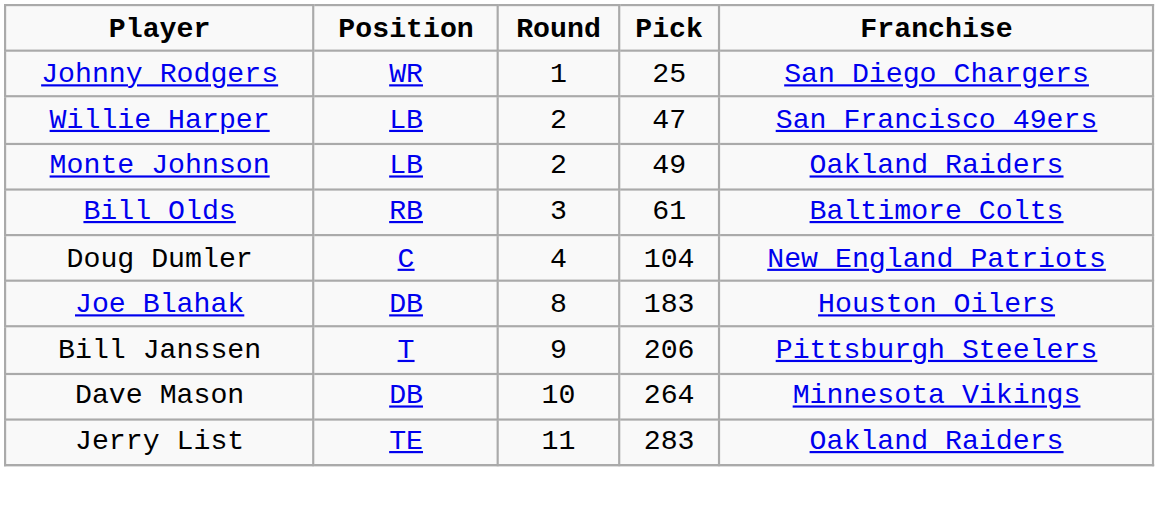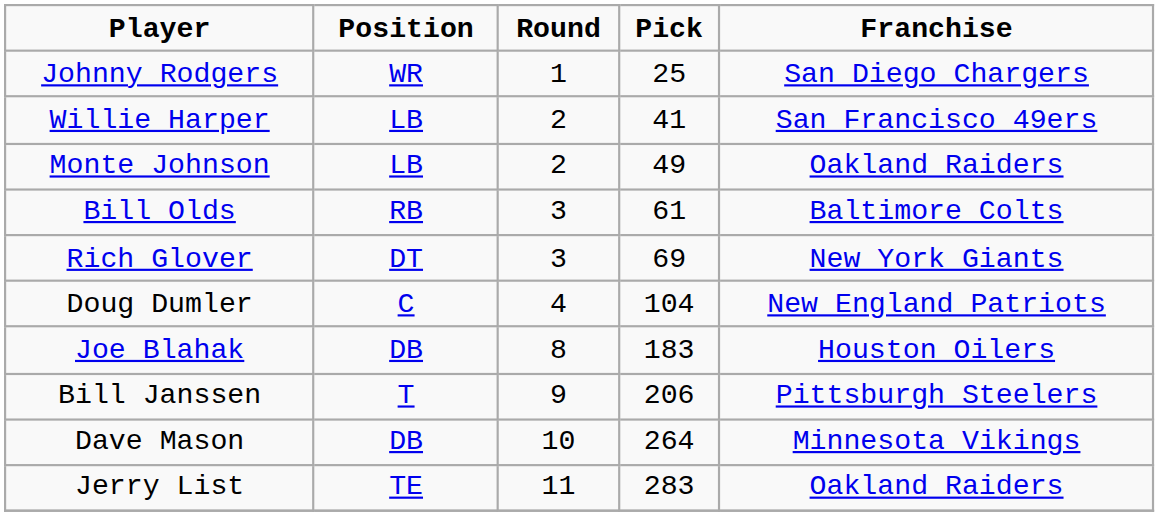 <table class="wikitable" width="60%">
 <tr align="center">
 <td><strong>Player</strong></td>
 <td><strong>Position</strong></td>
 <td><strong>Round</strong></td>
 <td><strong>Pick</strong></td>
 <td><strong>Franchise</strong></td>
 </tr>
 <tr align="center" bgcolor="">
 <td><a href='#'>Johnny Rodgers</a></td>
 <td><a href='#'>WR</a></td>
 <td>1</td>
 <td>25</td>
 <td><a href='#'>San Diego Chargers</a></td>
 </tr>
 <tr align="center" bgcolor="">
 <td><a href='#'>Willie Harper</a></td>
 <td><a href='#'>LB</a></td>
 <td>2</td>
-<td>47</td>
+<td>41</td>
 <td><a href='#'>San Francisco 49ers</a></td>
 </tr>
 <tr align="center" bgcolor="">
 <td><a href='#'>Monte Johnson</a></td>
 <td><a href='#'>LB</a></td>
 <td>2</td>
 <td>49</td>
 <td><a href='#'>Oakland Raiders</a></td>
 </tr>
 <tr align="center" bgcolor="">
 <td><a href='#'>Bill Olds</a></td>
 <td><a href='#'>RB</a></td>
 <td>3</td>
 <td>61</td>
 <td><a href='#'>Baltimore Colts</a></td>
+</tr>
+<tr align="center" bgcolor="">
+<td><a href='#'>Rich Glover</a></td>
+<td><a href='#'>DT</a></td>
+<td>3</td>
+<td>69</td>
+<td><a href='#'>New York Giants</a></td>
 </tr>
 <tr align="center" bgcolor="">
 <td>Doug Dumler</td>
 <td><a href='#'>C</a></td>
 <td>4</td>
 <td>104</td>
 <td><a href='#'>New England Patriots</a></td>
 </tr>
 <tr align="center" bgcolor="">
 <td><a href='#'>Joe Blahak</a></td>
 <td><a href='#'>DB</a></td>
 <td>8</td>
 <td>183</td>
 <td><a href='#'>Houston Oilers</a></td>
 </tr>
 <tr align="center" bgcolor="">
 <td>Bill Janssen</td>
 <td><a href='#'>T</a></td>
 <td>9</td>
 <td>206</td>
 <td><a href='#'>Pittsburgh Steelers</a></td>
 </tr>
 <tr align="center" bgcolor="">
 <td>Dave Mason</td>
 <td><a href='#'>DB</a></td>
 <td>10</td>
 <td>264</td>
 <td><a href='#'>Minnesota Vikings</a></td>
 </tr>
 <tr align="center" bgcolor="">
 <td>Jerry List</td>
 <td><a href='#'>TE</a></td>
 <td>11</td>
 <td>283</td>
 <td><a href='#'>Oakland Raiders</a></td>
 </tr>
 <tr align="center" bgcolor="">
 </tr>
 </table>
